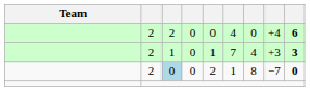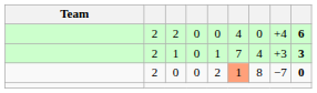 <table class="wikitable" style="text-align:center">
 <tr>
 <th width=175>Team</th>
 <th width=20></th>
 <th width=20></th>
 <th width=20></th>
 <th width=20></th>
 <th width=20></th>
 <th width=20></th>
 <th width=20></th>
 <th width=20></th>
 </tr>
 <tr bgcolor="#ccffcc">
 <td align=left></td>
 <td>2</td>
 <td>2</td>
 <td>0</td>
 <td>0</td>
 <td>4</td>
 <td>0</td>
 <td>+4</td>
 <td><strong>6</strong></td>
 </tr>
 <tr bgcolor="#ccffcc">
 <td align=left></td>
 <td>2</td>
 <td>1</td>
 <td>0</td>
 <td>1</td>
 <td>7</td>
 <td>4</td>
 <td>+3</td>
 <td><strong>3</strong></td>
 </tr>
 <tr>
 <td align=left></td>
 <td>2</td>
-<td style="background: lightblue;">0</td>
+<td>0</td>
 <td>0</td>
 <td>2</td>
-<td>1</td>
+<td style="background: lightsalmon;">1</td>
 <td>8</td>
 <td>−7</td>
 <td><strong>0</strong></td>
 </tr>
 <tr>
 <td align=left></td>
 <td align=left colspan="8"></td>
 </tr>
 </table>
